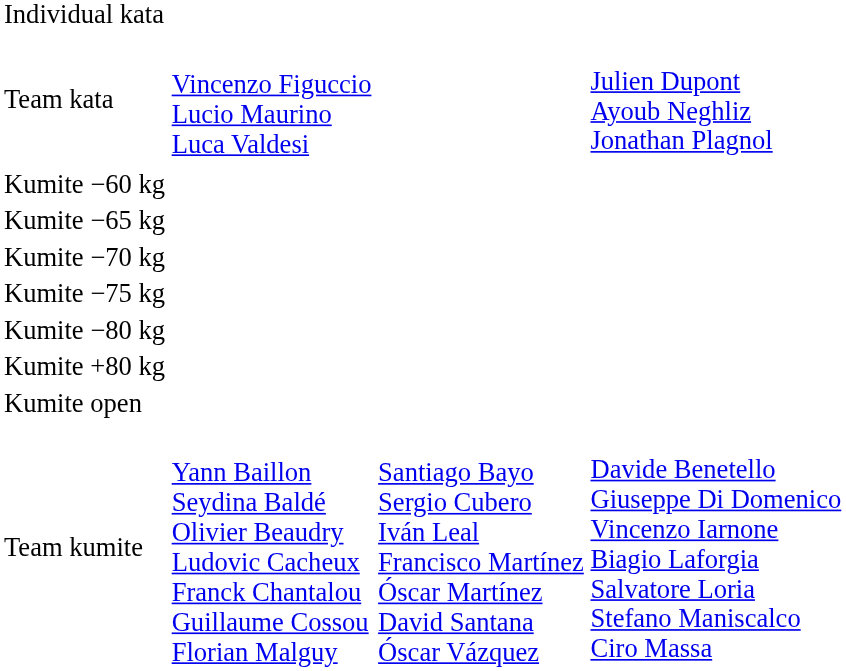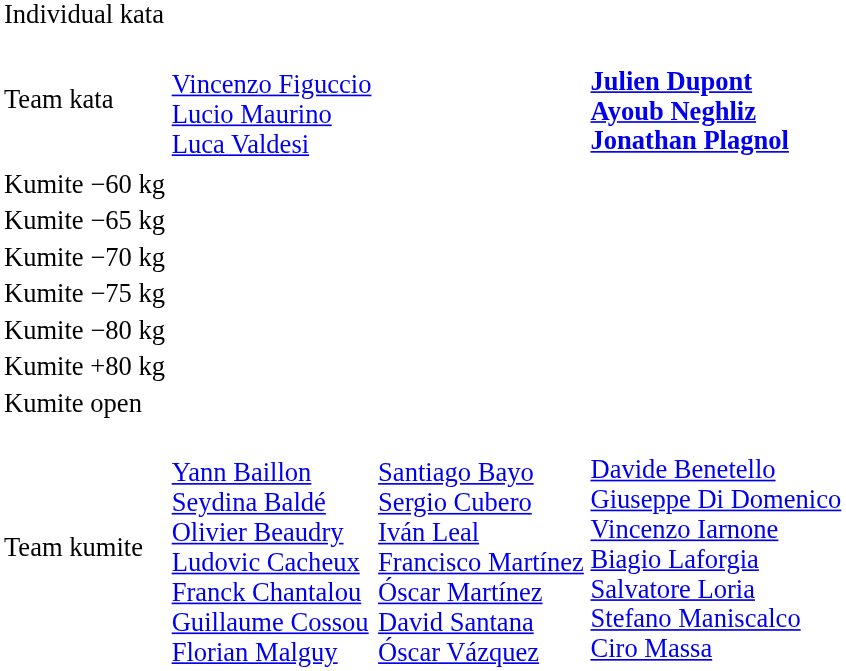 <table>
 <tr>
 <td rowspan=2>Individual kata</td>
 <td rowspan=2></td>
 <td rowspan=2></td>
 <td></td>
 </tr>
 <tr>
 <td></td>
 </tr>
 <tr>
 <td rowspan=2>Team kata</td>
 <td rowspan=2><br><a href='#'>Vincenzo Figuccio</a><br><a href='#'>Lucio Maurino</a><br><a href='#'>Luca Valdesi</a></td>
 <td rowspan=2></td>
-<td><br><a href='#'>Julien Dupont</a><br><a href='#'>Ayoub Neghliz</a><br><a href='#'>Jonathan Plagnol</a></td>
+<td><strong><br><a href='#'>Julien Dupont</a><br><a href='#'>Ayoub Neghliz</a><br><a href='#'>Jonathan Plagnol</a></strong></td>
 </tr>
 <tr>
 <td></td>
 </tr>
 <tr>
 <td rowspan=2>Kumite −60 kg</td>
 <td rowspan=2></td>
 <td rowspan=2></td>
 <td></td>
 </tr>
 <tr>
 <td></td>
 </tr>
 <tr>
 <td rowspan=2>Kumite −65 kg</td>
 <td rowspan=2></td>
 <td rowspan=2></td>
 <td></td>
 </tr>
 <tr>
 <td></td>
 </tr>
 <tr>
 <td rowspan=2>Kumite −70 kg</td>
 <td rowspan=2></td>
 <td rowspan=2></td>
 <td></td>
 </tr>
 <tr>
 <td></td>
 </tr>
 <tr>
 <td rowspan=2>Kumite −75 kg</td>
 <td rowspan=2></td>
 <td rowspan=2></td>
 <td></td>
 </tr>
 <tr>
 <td></td>
 </tr>
 <tr>
 <td rowspan=2>Kumite −80 kg</td>
 <td rowspan=2></td>
 <td rowspan=2></td>
 <td></td>
 </tr>
 <tr>
 <td></td>
 </tr>
 <tr>
 <td rowspan=2>Kumite +80 kg</td>
 <td rowspan=2></td>
 <td rowspan=2></td>
 <td></td>
 </tr>
 <tr>
 <td></td>
 </tr>
 <tr>
 <td rowspan=2>Kumite open</td>
 <td rowspan=2></td>
 <td rowspan=2></td>
 <td></td>
 </tr>
 <tr>
 <td></td>
 </tr>
 <tr>
 <td rowspan=2>Team kumite</td>
 <td rowspan=2><br><a href='#'>Yann Baillon</a><br><a href='#'>Seydina Baldé</a><br><a href='#'>Olivier Beaudry</a><br><a href='#'>Ludovic Cacheux</a><br><a href='#'>Franck Chantalou</a><br><a href='#'>Guillaume Cossou</a><br><a href='#'>Florian Malguy</a></td>
 <td rowspan=2><br><a href='#'>Santiago Bayo</a><br><a href='#'>Sergio Cubero</a><br><a href='#'>Iván Leal</a><br><a href='#'>Francisco Martínez</a><br><a href='#'>Óscar Martínez</a><br><a href='#'>David Santana</a><br><a href='#'>Óscar Vázquez</a></td>
 <td><br><a href='#'>Davide Benetello</a><br><a href='#'>Giuseppe Di Domenico</a><br><a href='#'>Vincenzo Iarnone</a><br><a href='#'>Biagio Laforgia</a><br><a href='#'>Salvatore Loria</a><br><a href='#'>Stefano Maniscalco</a><br><a href='#'>Ciro Massa</a></td>
 </tr>
 <tr>
 <td></td>
 </tr>
 </table>
